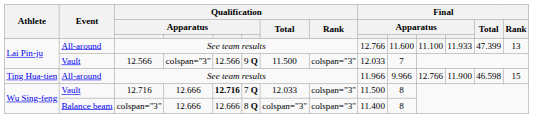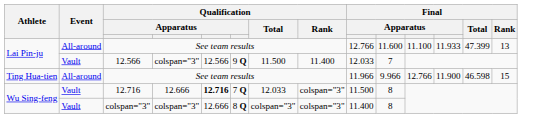 <table class="wikitable" style="font-size:90%; text-align:center">
 <tr>
 <th rowspan="3">Athlete</th>
 <th rowspan="3">Event</th>
 <th colspan="6">Qualification</th>
 <th colspan="6">Final</th>
 </tr>
 <tr>
 <th colspan="4">Apparatus</th>
 <th rowspan="2">Total</th>
 <th rowspan="2">Rank</th>
 <th colspan="4">Apparatus</th>
 <th rowspan="2">Total</th>
 <th rowspan="2">Rank</th>
 </tr>
 <tr>
 <th></th>
 <th></th>
 <th></th>
 <th></th>
 <th></th>
 <th></th>
 <th></th>
 <th></th>
 </tr>
 <tr>
 <td align="left" rowspan="2"><a href='#'>Lai Pin-ju</a></td>
 <td align="left"><a href='#'>All-around</a></td>
 <td colspan="6"><em>See team results</em></td>
 <td>12.766</td>
 <td>11.600</td>
 <td>11.100</td>
 <td>11.933</td>
 <td>47.399</td>
 <td>13</td>
 </tr>
 <tr>
 <td align="left"><a href='#'>Vault</a></td>
 <td>12.566</td>
 <td>colspan="3" </td>
 <td>12.566</td>
 <td>9 <strong>Q</strong></td>
 <td>11.500</td>
-<td>colspan="3" </td>
+<td>11.400</td>
 <td>12.033</td>
 <td>7</td>
 </tr>
 <tr>
 <td align="left"><a href='#'>Ting Hua-tien</a></td>
 <td align="left"><a href='#'>All-around</a></td>
 <td colspan="6"><em>See team results</em></td>
 <td>11.966</td>
 <td>9.966</td>
 <td>12.766</td>
 <td>11.900</td>
 <td>46.598</td>
 <td>15</td>
 </tr>
 <tr>
 <td align="left" rowspan="2"><a href='#'>Wu Sing-feng</a></td>
 <td align="left"><a href='#'>Vault</a></td>
 <td>12.716</td>
 <td>12.666</td>
 <td><strong>12.716</strong></td>
 <td>7 <strong>Q</strong></td>
 <td>12.033</td>
 <td>colspan="3" </td>
 <td>11.500</td>
 <td>8</td>
 </tr>
 <tr>
-<td align="left"><a href='#'>Balance beam</a></td>
+<td align="left"><a href='#'>Vault</a></td>
 <td>colspan="3" </td>
-<td>12.666</td>
+<td>colspan="3" </td>
 <td>12.666</td>
 <td>8 <strong>Q</strong></td>
 <td>colspan="3" </td>
 <td>colspan="3" </td>
 <td>11.400</td>
 <td>8</td>
 </tr>
 </table>
